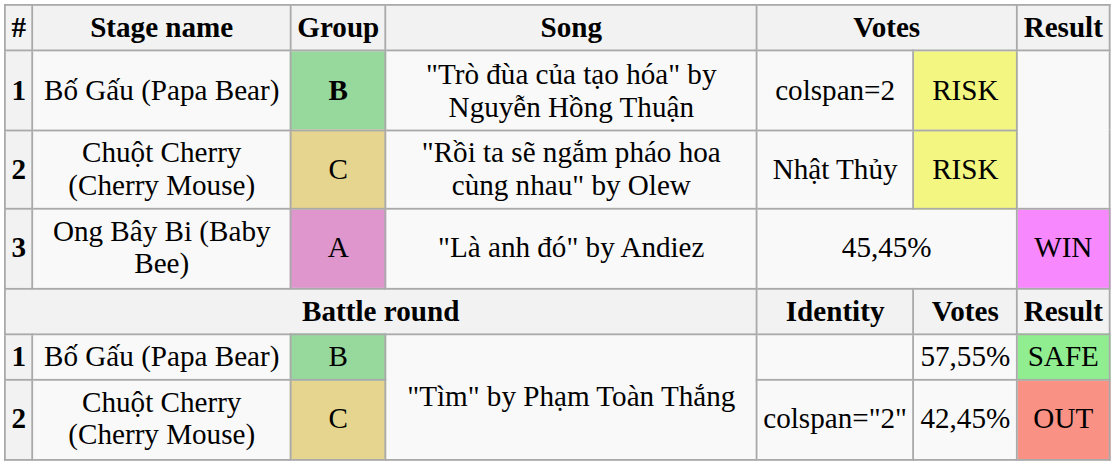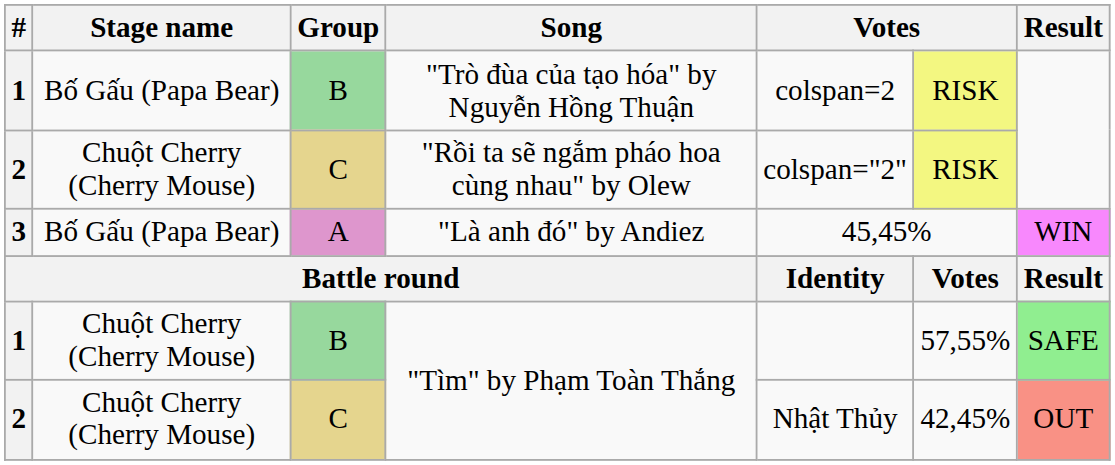 <table class="wikitable plainrowheaders" style="text-align: center;">
 <tr>
 <th>#</th>
 <th>Stage name</th>
 <th>Group</th>
 <th>Song</th>
 <th colspan="2">Votes</th>
 <th>Result</th>
 </tr>
 <tr>
 <th>1</th>
 <td>Bố Gấu (Papa Bear)</td>
-<td bgcolor="#97D89D"><strong>B</strong></td>
+<td bgcolor="#97D89D">B</td>
 <td>"Trò đùa của tạo hóa" by Nguyễn Hồng Thuận</td>
 <td>colspan=2 </td>
 <td bgcolor="#F3F781">RISK</td>
 </tr>
 <tr>
 <th>2</th>
 <td>Chuột Cherry (Cherry Mouse)</td>
 <td bgcolor="#E5D58E">C</td>
 <td>"Rồi ta sẽ ngắm pháo hoa cùng nhau" by Olew</td>
-<td>Nhật Thủy</td>
+<td>colspan="2" </td>
 <td bgcolor="#F3F781">RISK</td>
 </tr>
 <tr>
 <th>3</th>
-<td>Ong Bây Bi (Baby Bee)</td>
+<td>Bố Gấu (Papa Bear)</td>
 <td bgcolor="#DE96CD">A</td>
 <td>"Là anh đó" by Andiez</td>
 <td colspan="2">45,45%</td>
 <td bgcolor=#F888FD>WIN</td>
 </tr>
 <tr>
 <th colspan="4">Battle round</th>
 <th>Identity</th>
 <th>Votes</th>
 <th>Result</th>
 </tr>
 <tr>
 <th>1</th>
-<td>Bố Gấu (Papa Bear)</td>
+<td>Chuột Cherry (Cherry Mouse)</td>
 <td bgcolor="#97D89D">B</td>
 <td rowspan="2">"Tìm" by Phạm Toàn Thắng</td>
 <td></td>
 <td>57,55%</td>
 <td bgcolor=lightgreen>SAFE</td>
 </tr>
 <tr>
 <th>2</th>
 <td>Chuột Cherry (Cherry Mouse)</td>
 <td bgcolor="#E5D58E">C</td>
-<td>colspan="2" </td>
+<td>Nhật Thủy</td>
 <td>42,45%</td>
 <td bgcolor="#F99185">OUT</td>
 </tr>
 </table>
